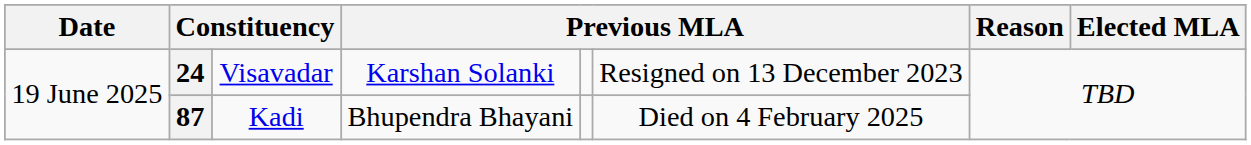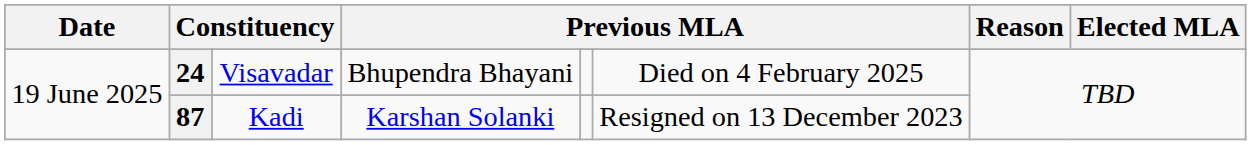 <table class="wikitable sortable" style="text-align:center;">
 <tr>
 <th>Date</th>
 <th colspan="2">Constituency</th>
 <th colspan="3">Previous MLA</th>
 <th>Reason</th>
 <th colspan="3">Elected MLA</th>
 </tr>
 <tr>
 <td rowspan=2>19 June 2025</td>
 <th>24</th>
 <td><a href='#'>Visavadar</a></td>
-<td><a href='#'>Karshan Solanki</a></td>
+<td>Bhupendra Bhayani</td>
 <td></td>
-<td>Resigned on 13 December 2023</td>
+<td>Died on 4 February 2025</td>
 <td colspan="3" rowspan="2"><em>TBD</em></td>
 </tr>
 <tr>
 <th>87</th>
 <td><a href='#'>Kadi</a></td>
-<td>Bhupendra Bhayani</td>
+<td><a href='#'>Karshan Solanki</a></td>
 <td></td>
-<td>Died on 4 February 2025</td>
+<td>Resigned on 13 December 2023</td>
 </tr>
 </table>
